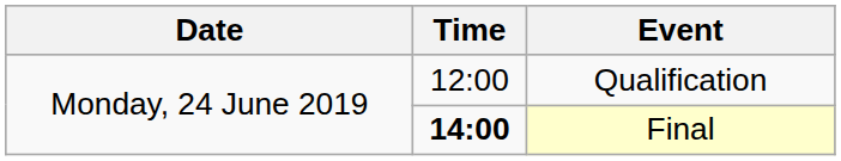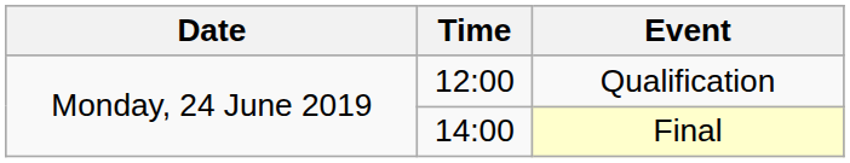 <table class = "wikitable" style="text-align:center;">
 <tr>
 <th width=200>Date</th>
 <th width=50>Time</th>
 <th width=150>Event</th>
 </tr>
 <tr>
 <td rowspan=2>Monday, 24 June 2019</td>
 <td>12:00</td>
 <td>Qualification</td>
 </tr>
 <tr>
-<td><strong>14:00</strong></td>
+<td>14:00</td>
 <td bgcolor=ffffcc>Final</td>
 </tr>
 </table>
